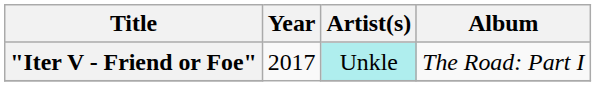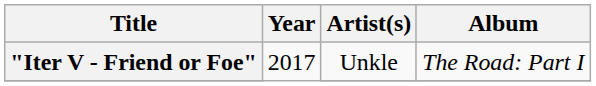 <table class="wikitable plainrowheaders" style="text-align:center;">
 <tr>
 <th scope="col">Title</th>
 <th scope="col">Year</th>
 <th scope="col">Artist(s)</th>
 <th scope="col">Album</th>
 </tr>
 <tr>
 <th scope="row">"Iter V - Friend or Foe"</th>
 <td rowspan="2">2017</td>
-<td style="background: paleturquoise;">Unkle</td>
+<td>Unkle</td>
 <td><em>The Road: Part I</em></td>
 </tr>
 <tr>
 </tr>
 </table>
